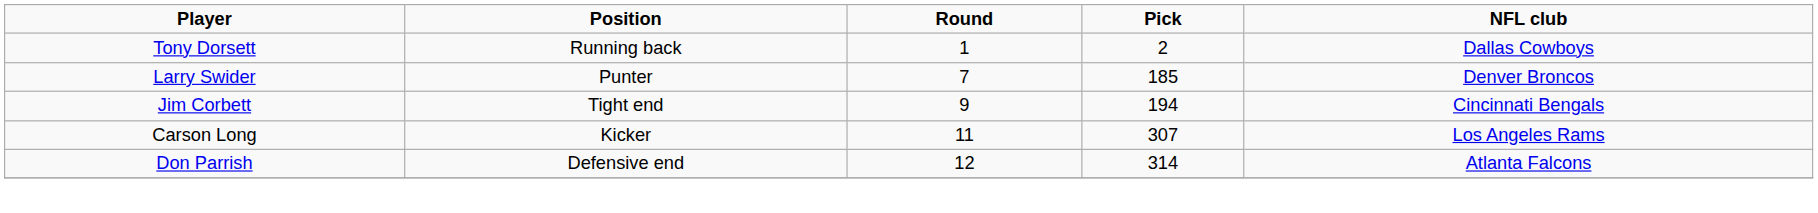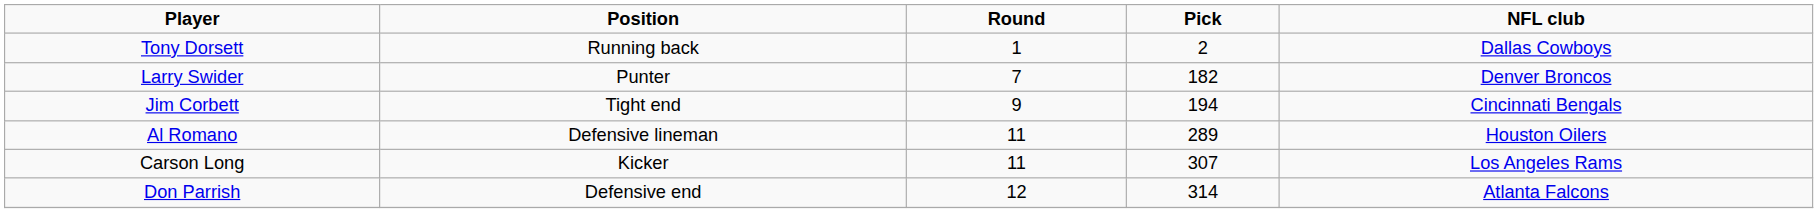 <table class="wikitable" style="width:80%;">
 <tr style="text-align:center; ">
 <td><strong>Player</strong></td>
 <td><strong>Position</strong></td>
 <td><strong>Round</strong></td>
 <td><strong>Pick</strong></td>
 <td><strong>NFL club</strong></td>
 </tr>
 <tr align="center" bgcolor="">
 <td><a href='#'>Tony Dorsett</a></td>
 <td>Running back</td>
 <td>1</td>
 <td>2</td>
 <td><a href='#'>Dallas Cowboys</a></td>
 </tr>
 <tr align="center" bgcolor="">
 <td><a href='#'>Larry Swider</a></td>
 <td>Punter</td>
 <td>7</td>
-<td>185</td>
+<td>182</td>
 <td><a href='#'>Denver Broncos</a></td>
 </tr>
 <tr align="center" bgcolor="">
 <td><a href='#'>Jim Corbett</a></td>
 <td>Tight end</td>
 <td>9</td>
 <td>194</td>
 <td><a href='#'>Cincinnati Bengals</a></td>
+</tr>
+<tr align="center" bgcolor="">
+<td><a href='#'>Al Romano</a></td>
+<td>Defensive lineman</td>
+<td>11</td>
+<td>289</td>
+<td><a href='#'>Houston Oilers</a></td>
 </tr>
 <tr align="center" bgcolor="">
 <td>Carson Long</td>
 <td>Kicker</td>
 <td>11</td>
 <td>307</td>
 <td><a href='#'>Los Angeles Rams</a></td>
 </tr>
 <tr align="center" bgcolor="">
 <td><a href='#'>Don Parrish</a></td>
 <td>Defensive end</td>
 <td>12</td>
 <td>314</td>
 <td><a href='#'>Atlanta Falcons</a></td>
 </tr>
 <tr align="center" bgcolor="">
 </tr>
 </table>
